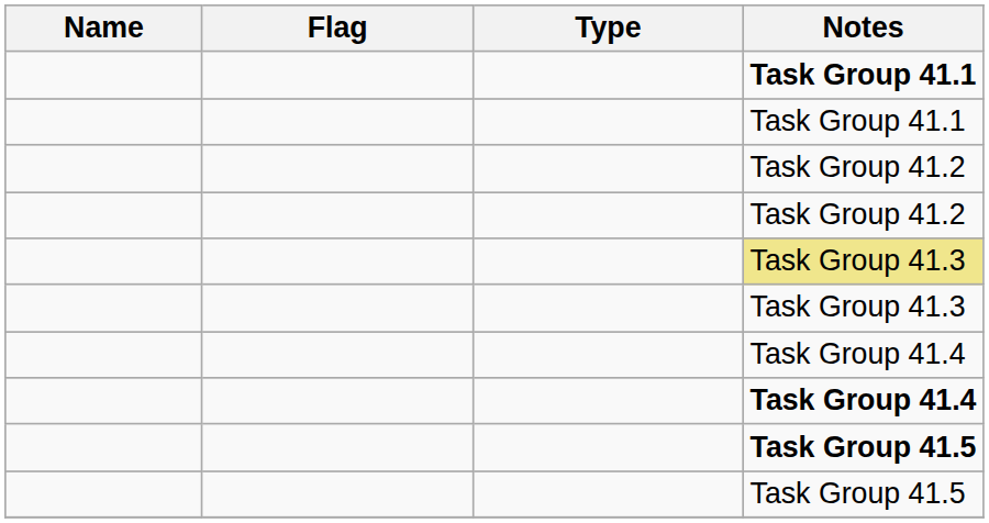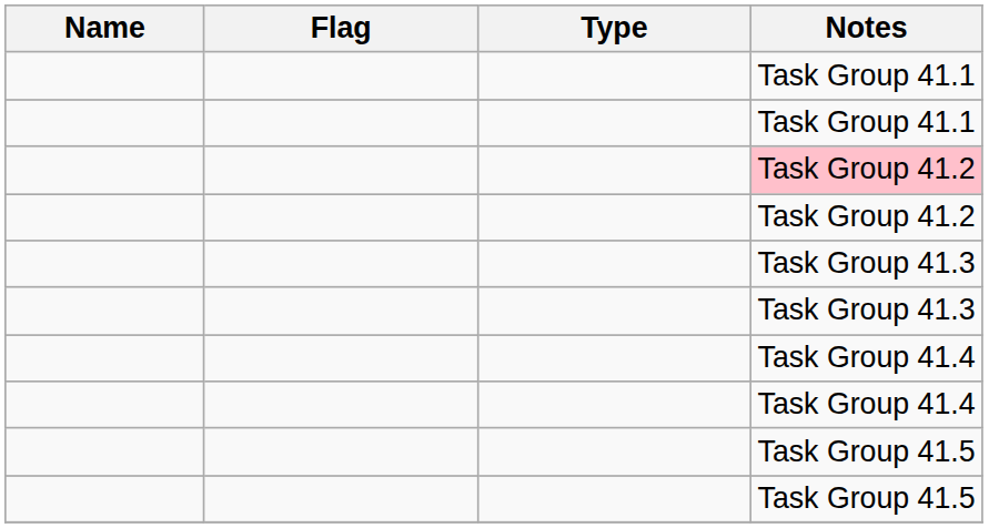 <table class="wikitable sortable">
 <tr>
 <th scope="col" width="100px">Name</th>
 <th scope="col" width="140px">Flag</th>
 <th width="140px">Type</th>
 <th>Notes</th>
 </tr>
 <tr>
 <td align="left"></td>
 <td align="left"></td>
 <td align="left"></td>
-<td align="left"><strong>Task Group 41.1</strong></td>
+<td align="left">Task Group 41.1</td>
 </tr>
 <tr>
 <td align="left"></td>
 <td align="left"></td>
 <td align="left"></td>
 <td align="left">Task Group 41.1</td>
 </tr>
 <tr>
 <td align="left"></td>
 <td align="left"></td>
 <td align="left"></td>
-<td align="left">Task Group 41.2</td>
+<td align="left" style="background: pink;">Task Group 41.2</td>
 </tr>
 <tr>
 <td align="left"></td>
 <td align="left"></td>
 <td align="left"></td>
 <td align="left">Task Group 41.2</td>
 </tr>
 <tr>
 <td align="left"></td>
 <td align="left"></td>
 <td align="left"></td>
-<td align="left" style="background: khaki;">Task Group 41.3</td>
+<td align="left">Task Group 41.3</td>
 </tr>
 <tr>
 <td align="left"></td>
 <td align="left"></td>
 <td align="left"></td>
 <td align="left">Task Group 41.3</td>
 </tr>
 <tr>
 <td align="left"></td>
 <td align="left"></td>
 <td align="left"></td>
 <td align="left">Task Group 41.4</td>
 </tr>
 <tr>
 <td align="left"></td>
 <td align="left"></td>
 <td align="left"></td>
-<td align="left"><strong>Task Group 41.4</strong></td>
+<td align="left">Task Group 41.4</td>
 </tr>
 <tr>
 <td align="left"></td>
 <td align="left"></td>
 <td align="left"></td>
-<td align="left"><strong>Task Group 41.5</strong></td>
+<td align="left">Task Group 41.5</td>
 </tr>
 <tr>
 <td align="left"></td>
 <td align="left"></td>
 <td align="left"></td>
 <td align="left">Task Group 41.5</td>
 </tr>
 <tr>
 </tr>
 </table>
